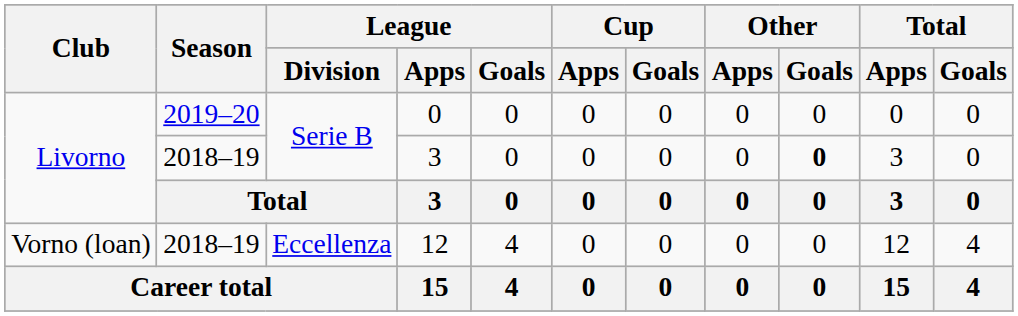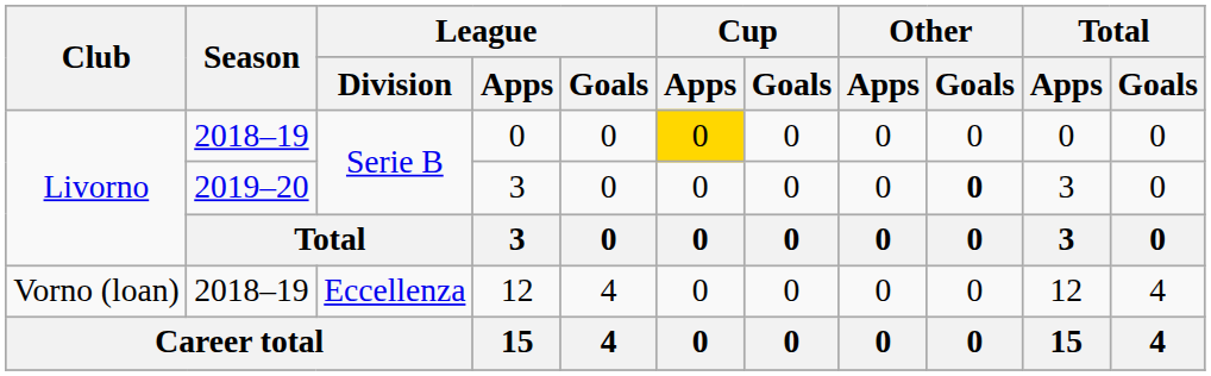 <table class="wikitable" style="text-align: center">
 <tr>
 <th rowspan="2">Club</th>
 <th rowspan="2">Season</th>
 <th colspan="3">League</th>
 <th colspan="2">Cup</th>
 <th colspan="2">Other</th>
 <th colspan="2">Total</th>
 </tr>
 <tr>
 <th>Division</th>
 <th>Apps</th>
 <th>Goals</th>
 <th>Apps</th>
 <th>Goals</th>
 <th>Apps</th>
 <th>Goals</th>
 <th>Apps</th>
 <th>Goals</th>
 </tr>
 <tr>
 <td rowspan="3"><a href='#'>Livorno</a></td>
-<td><a href='#'>2019–20</a></td>
+<td><a href='#'>2018–19</a></td>
 <td rowspan="2"><a href='#'>Serie B</a></td>
 <td>0</td>
 <td>0</td>
-<td>0</td>
+<td style="background: gold;">0</td>
 <td>0</td>
 <td>0</td>
 <td>0</td>
 <td>0</td>
 <td>0</td>
 </tr>
 <tr>
-<td>2018–19</td>
+<td><a href='#'>2019–20</a></td>
 <td>3</td>
 <td>0</td>
 <td>0</td>
 <td>0</td>
 <td>0</td>
 <td><strong>0</strong></td>
 <td>3</td>
 <td>0</td>
 </tr>
 <tr>
 <th colspan="2">Total</th>
 <th>3</th>
 <th>0</th>
 <th>0</th>
 <th>0</th>
 <th>0</th>
 <th>0</th>
 <th>3</th>
 <th>0</th>
 </tr>
 <tr>
 <td>Vorno (loan)</td>
 <td>2018–19</td>
 <td><a href='#'>Eccellenza</a></td>
 <td>12</td>
 <td>4</td>
 <td>0</td>
 <td>0</td>
 <td>0</td>
 <td>0</td>
 <td>12</td>
 <td>4</td>
 </tr>
 <tr>
 <th colspan="3">Career total</th>
 <th>15</th>
 <th>4</th>
 <th>0</th>
 <th>0</th>
 <th>0</th>
 <th>0</th>
 <th>15</th>
 <th>4</th>
 </tr>
 </table>
